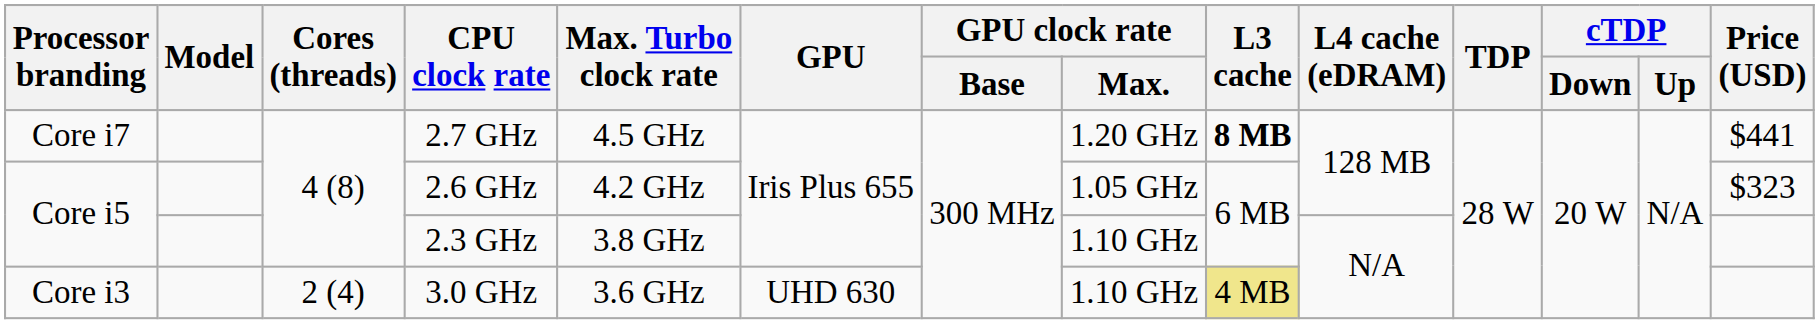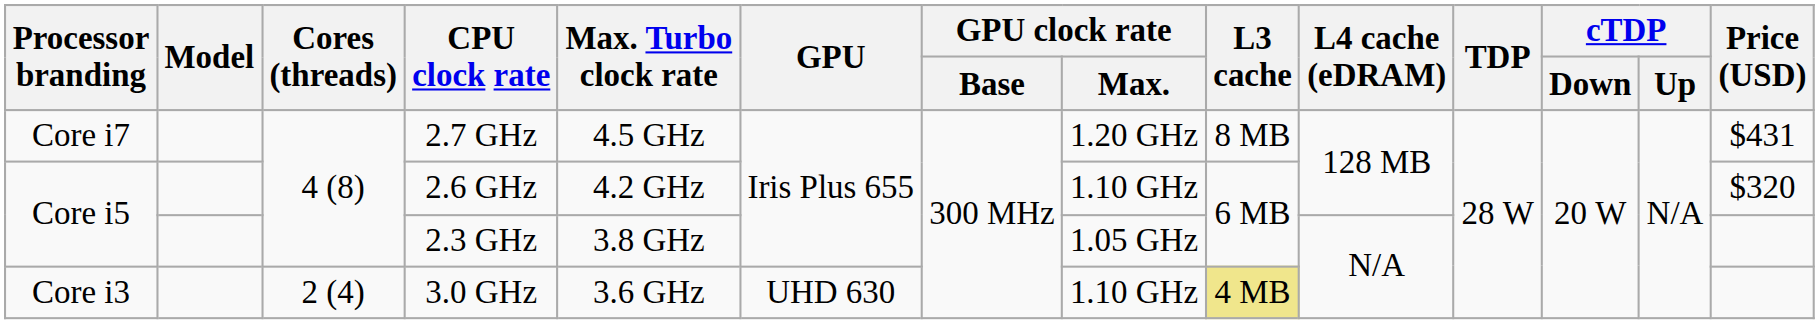 <table class="wikitable sortable" style="text-align: center;">
 <tr>
 <th rowspan="2">Processor<br>branding</th>
 <th rowspan="2">Model</th>
 <th rowspan="2">Cores<br>(threads)</th>
 <th rowspan="2">CPU<br><a href='#'>clock</a> <a href='#'>rate</a></th>
 <th rowspan="2">Max. <a href='#'>Turbo</a><br>clock rate</th>
 <th rowspan="2">GPU</th>
 <th colspan="2">GPU clock rate</th>
 <th rowspan="2">L3<br>cache</th>
 <th rowspan="2">L4 cache<br>(eDRAM)</th>
 <th rowspan="2">TDP</th>
 <th colspan="2"><a href='#'>cTDP</a></th>
 <th rowspan="2">Price<br>(USD)</th>
 </tr>
 <tr>
 <th>Base</th>
 <th>Max.</th>
 <th>Down</th>
 <th>Up</th>
 </tr>
 <tr>
 <td>Core i7</td>
 <td></td>
 <td rowspan="3">4 (8)</td>
 <td>2.7 GHz</td>
 <td>4.5 GHz</td>
 <td rowspan="3">Iris Plus 655</td>
 <td rowspan="4">300 MHz</td>
 <td>1.20 GHz</td>
-<td><strong>8 MB</strong></td>
+<td>8 MB</td>
 <td rowspan="2">128 MB</td>
 <td rowspan="4">28 W</td>
 <td rowspan="4">20 W</td>
 <td rowspan="4">N/A</td>
-<td>$441</td>
+<td>$431</td>
 </tr>
 <tr>
 <td rowspan="2">Core i5</td>
 <td></td>
 <td>2.6 GHz</td>
 <td>4.2 GHz</td>
-<td>1.05 GHz</td>
+<td>1.10 GHz</td>
 <td rowspan="2">6 MB</td>
-<td>$323</td>
+<td>$320</td>
 </tr>
 <tr>
 <td><br></td>
 <td>2.3 GHz</td>
 <td>3.8 GHz</td>
-<td>1.10 GHz</td>
+<td>1.05 GHz</td>
 <td rowspan="2">N/A</td>
 <td></td>
 </tr>
 <tr>
 <td>Core i3</td>
 <td></td>
 <td>2 (4)</td>
 <td>3.0 GHz</td>
 <td>3.6 GHz</td>
 <td>UHD 630</td>
 <td>1.10 GHz</td>
 <td style="background: khaki;">4 MB</td>
 <td></td>
 </tr>
 </table>
